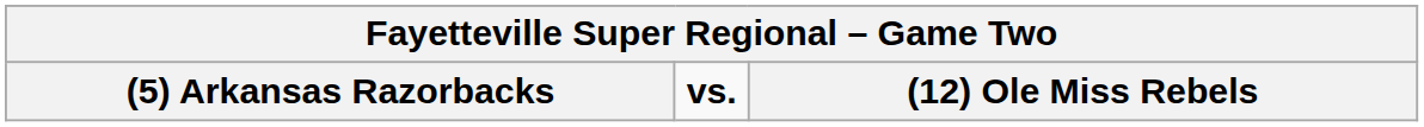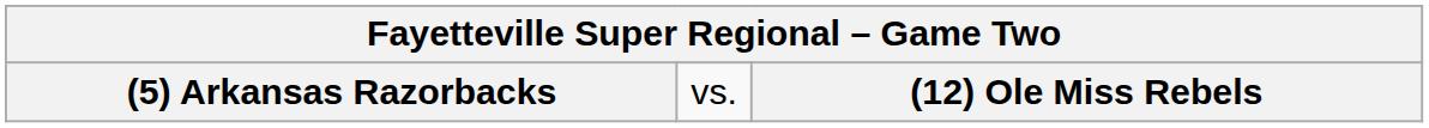 <table class="wikitable">
 <tr>
 <th style="width: 604px;" colspan=3>Fayetteville Super Regional – Game Two</th>
 </tr>
 <tr>
 <th style="width: 289px; ">(5) Arkansas Razorbacks</th>
-<td style="width: 25px; text-align:center"><strong>vs.</strong></td>
+<td style="width: 25px; text-align:center">vs.</td>
 <th style="width: 289px; ">(12) Ole Miss Rebels</th>
 </tr>
 </table>
